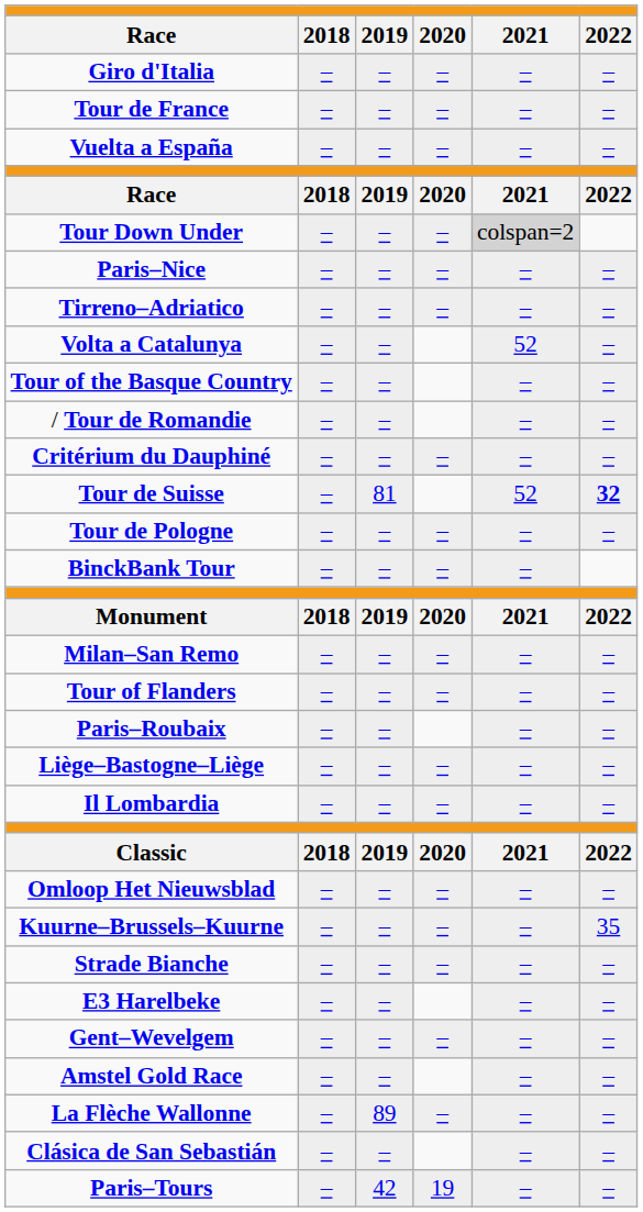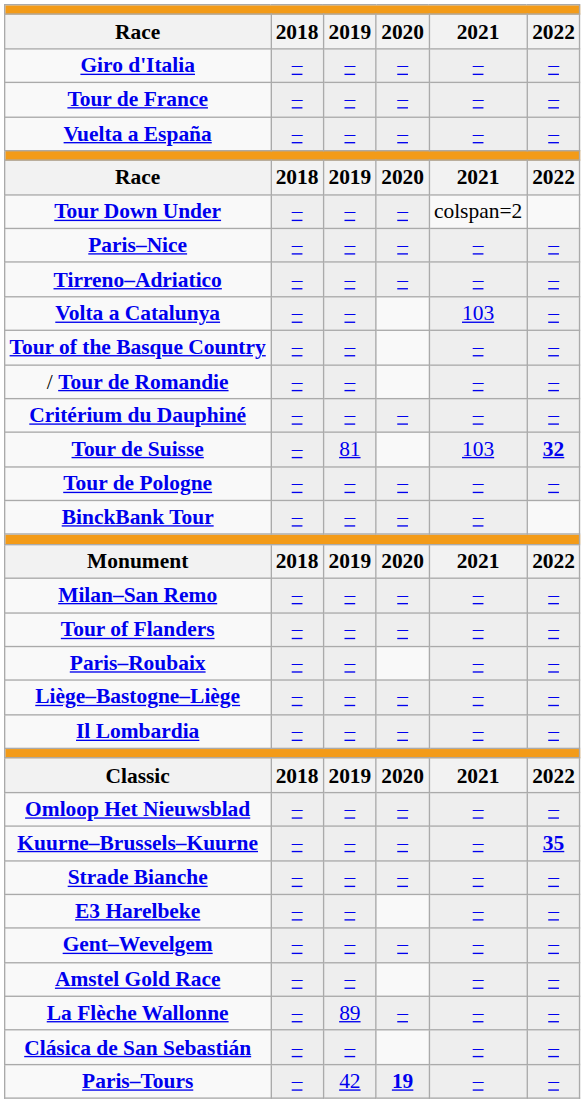 <table class="wikitable">
 <tr>
 <td style="background:#f39b18;" colspan=30><strong></strong></td>
 </tr>
 <tr>
 <th>Race</th>
 <th>2018</th>
 <th>2019</th>
 <th>2020</th>
 <th>2021</th>
 <th>2022</th>
 </tr>
 <tr align="center">
 <td> <strong><a href='#'>Giro d'Italia</a></strong></td>
 <td style="background:#eee;"><a href='#'>–</a></td>
 <td style="background:#eee;"><a href='#'>–</a></td>
 <td style="background:#eee;"><a href='#'>–</a></td>
 <td style="background:#eee;"><a href='#'>–</a></td>
 <td style="background:#eee;"><a href='#'>–</a></td>
 </tr>
 <tr align="center">
 <td> <strong><a href='#'>Tour de France</a></strong></td>
 <td style="background:#eee;"><a href='#'>–</a></td>
 <td style="background:#eee;"><a href='#'>–</a></td>
 <td style="background:#eee;"><a href='#'>–</a></td>
 <td style="background:#eee;"><a href='#'>–</a></td>
 <td style="background:#eee;"><a href='#'>–</a></td>
 </tr>
 <tr align="center">
 <td> <strong><a href='#'>Vuelta a España</a></strong></td>
 <td style="background:#eee;"><a href='#'>–</a></td>
 <td style="background:#eee;"><a href='#'>–</a></td>
 <td style="background:#eee;"><a href='#'>–</a></td>
 <td style="background:#eee;"><a href='#'>–</a></td>
 <td style="background:#eee;"><a href='#'>–</a></td>
 </tr>
 <tr>
 <td style="background:#f39b18;" colspan=30><strong></strong></td>
 </tr>
 <tr>
 <th>Race</th>
 <th>2018</th>
 <th>2019</th>
 <th>2020</th>
 <th>2021</th>
 <th>2022</th>
 </tr>
 <tr align="center">
 <td> <strong><a href='#'>Tour Down Under</a></strong></td>
 <td style="background:#eee;"><a href='#'>–</a></td>
 <td style="background:#eee;"><a href='#'>–</a></td>
 <td style="background:#eee;"><a href='#'>–</a></td>
-<td style="background: lightgrey;">colspan=2 </td>
+<td>colspan=2 </td>
 </tr>
 <tr align="center">
 <td> <strong><a href='#'>Paris–Nice</a></strong></td>
 <td style="background:#eee;"><a href='#'>–</a></td>
 <td style="background:#eee;"><a href='#'>–</a></td>
 <td style="background:#eee;"><a href='#'>–</a></td>
 <td style="background:#eee;"><a href='#'>–</a></td>
 <td style="background:#eee;"><a href='#'>–</a></td>
 </tr>
 <tr align="center">
 <td> <strong><a href='#'>Tirreno–Adriatico</a></strong></td>
 <td style="background:#eee;"><a href='#'>–</a></td>
 <td style="background:#eee;"><a href='#'>–</a></td>
 <td style="background:#eee;"><a href='#'>–</a></td>
 <td style="background:#eee;"><a href='#'>–</a></td>
 <td style="background:#eee;"><a href='#'>–</a></td>
 </tr>
 <tr align="center">
 <td><strong><a href='#'>Volta a Catalunya</a></strong></td>
 <td style="background:#eee;"><a href='#'>–</a></td>
 <td style="background:#eee;"><a href='#'>–</a></td>
 <td></td>
-<td style="background:#eee;"><a href='#'>52</a></td>
+<td style="background:#eee;"><a href='#'>103</a></td>
 <td style="background:#eee;"><a href='#'>–</a></td>
 </tr>
 <tr align="center">
 <td> <strong><a href='#'>Tour of the Basque Country</a></strong></td>
 <td style="background:#eee;"><a href='#'>–</a></td>
 <td style="background:#eee;"><a href='#'>–</a></td>
 <td></td>
 <td style="background:#eee;"><a href='#'>–</a></td>
 <td style="background:#eee;"><a href='#'>–</a></td>
 </tr>
 <tr align="center">
 <td>/ <strong><a href='#'>Tour de Romandie</a></strong></td>
 <td style="background:#eee;"><a href='#'>–</a></td>
 <td style="background:#eee;"><a href='#'>–</a></td>
 <td></td>
 <td style="background:#eee;"><a href='#'>–</a></td>
 <td style="background:#eee;"><a href='#'>–</a></td>
 </tr>
 <tr align="center">
 <td> <strong><a href='#'>Critérium du Dauphiné</a></strong></td>
 <td style="background:#eee;"><a href='#'>–</a></td>
 <td style="background:#eee;"><a href='#'>–</a></td>
 <td style="background:#eee;"><a href='#'>–</a></td>
 <td style="background:#eee;"><a href='#'>–</a></td>
 <td style="background:#eee;"><a href='#'>–</a></td>
 </tr>
 <tr align="center">
 <td> <strong><a href='#'>Tour de Suisse</a></strong></td>
 <td style="background:#eee;"><a href='#'>–</a></td>
 <td style="background:#eee;"><a href='#'>81</a></td>
 <td></td>
-<td style="background:#eee;"><a href='#'>52</a></td>
+<td style="background:#eee;"><a href='#'>103</a></td>
 <td style="background:#eee;"><strong><a href='#'>32</a></strong></td>
 </tr>
 <tr align="center">
 <td> <strong><a href='#'>Tour de Pologne</a></strong></td>
 <td style="background:#eee;"><a href='#'>–</a></td>
 <td style="background:#eee;"><a href='#'>–</a></td>
 <td style="background:#eee;"><a href='#'>–</a></td>
 <td style="background:#eee;"><a href='#'>–</a></td>
 <td style="background:#eee;"><a href='#'>–</a></td>
 </tr>
 <tr align="center">
 <td> <strong><a href='#'>BinckBank Tour</a></strong></td>
 <td style="background:#eee;"><a href='#'>–</a></td>
 <td style="background:#eee;"><a href='#'>–</a></td>
 <td style="background:#eee;"><a href='#'>–</a></td>
 <td style="background:#eee;"><a href='#'>–</a></td>
 <td></td>
 </tr>
 <tr>
 <td style="background:#f39b18;" colspan=30><strong></strong></td>
 </tr>
 <tr>
 <th>Monument</th>
 <th>2018</th>
 <th>2019</th>
 <th>2020</th>
 <th>2021</th>
 <th>2022</th>
 </tr>
 <tr align="center">
 <td><strong><a href='#'>Milan–San Remo</a></strong></td>
 <td style="background:#eee;"><a href='#'>–</a></td>
 <td style="background:#eee;"><a href='#'>–</a></td>
 <td style="background:#eee;"><a href='#'>–</a></td>
 <td style="background:#eee;"><a href='#'>–</a></td>
 <td style="background:#eee;"><a href='#'>–</a></td>
 </tr>
 <tr align="center">
 <td><strong><a href='#'>Tour of Flanders</a></strong></td>
 <td style="background:#eee;"><a href='#'>–</a></td>
 <td style="background:#eee;"><a href='#'>–</a></td>
 <td style="background:#eee;"><a href='#'>–</a></td>
 <td style="background:#eee;"><a href='#'>–</a></td>
 <td style="background:#eee;"><a href='#'>–</a></td>
 </tr>
 <tr align="center">
 <td><strong><a href='#'>Paris–Roubaix</a></strong></td>
 <td style="background:#eee;"><a href='#'>–</a></td>
 <td style="background:#eee;"><a href='#'>–</a></td>
 <td></td>
 <td style="background:#eee;"><a href='#'>–</a></td>
 <td style="background:#eee;"><a href='#'>–</a></td>
 </tr>
 <tr align="center">
 <td><strong><a href='#'>Liège–Bastogne–Liège</a></strong></td>
 <td style="background:#eee;"><a href='#'>–</a></td>
 <td style="background:#eee;"><a href='#'>–</a></td>
 <td style="background:#eee;"><a href='#'>–</a></td>
 <td style="background:#eee;"><a href='#'>–</a></td>
 <td style="background:#eee;"><a href='#'>–</a></td>
 </tr>
 <tr align="center">
 <td><strong><a href='#'>Il Lombardia</a></strong></td>
 <td style="background:#eee;"><a href='#'>–</a></td>
 <td style="background:#eee;"><a href='#'>–</a></td>
 <td style="background:#eee;"><a href='#'>–</a></td>
 <td style="background:#eee;"><a href='#'>–</a></td>
 <td style="background:#eee;"><a href='#'>–</a></td>
 </tr>
 <tr>
 <td style="background:#f39b18;" colspan=30><strong></strong></td>
 </tr>
 <tr>
 <th>Classic</th>
 <th>2018</th>
 <th>2019</th>
 <th>2020</th>
 <th>2021</th>
 <th>2022</th>
 </tr>
 <tr align="center">
 <td><strong><a href='#'>Omloop Het Nieuwsblad</a></strong></td>
 <td style="background:#eee;"><a href='#'>–</a></td>
 <td style="background:#eee;"><a href='#'>–</a></td>
 <td style="background:#eee;"><a href='#'>–</a></td>
 <td style="background:#eee;"><a href='#'>–</a></td>
 <td style="background:#eee;"><a href='#'>–</a></td>
 </tr>
 <tr align="center">
 <td><strong><a href='#'>Kuurne–Brussels–Kuurne</a></strong></td>
 <td style="background:#eee;"><a href='#'>–</a></td>
 <td style="background:#eee;"><a href='#'>–</a></td>
 <td style="background:#eee;"><a href='#'>–</a></td>
 <td style="background:#eee;"><a href='#'>–</a></td>
-<td style="background:#eee;"><a href='#'>35</a></td>
+<td style="background:#eee;"><strong><a href='#'>35</a></strong></td>
 </tr>
 <tr align="center">
 <td><strong><a href='#'>Strade Bianche</a></strong></td>
 <td style="background:#eee;"><a href='#'>–</a></td>
 <td style="background:#eee;"><a href='#'>–</a></td>
 <td style="background:#eee;"><a href='#'>–</a></td>
 <td style="background:#eee;"><a href='#'>–</a></td>
 <td style="background:#eee;"><a href='#'>–</a></td>
 </tr>
 <tr align="center">
 <td><strong><a href='#'>E3 Harelbeke</a></strong></td>
 <td style="background:#eee;"><a href='#'>–</a></td>
 <td style="background:#eee;"><a href='#'>–</a></td>
 <td></td>
 <td style="background:#eee;"><a href='#'>–</a></td>
 <td style="background:#eee;"><a href='#'>–</a></td>
 </tr>
 <tr align="center">
 <td><strong><a href='#'>Gent–Wevelgem</a></strong></td>
 <td style="background:#eee;"><a href='#'>–</a></td>
 <td style="background:#eee;"><a href='#'>–</a></td>
 <td style="background:#eee;"><a href='#'>–</a></td>
 <td style="background:#eee;"><a href='#'>–</a></td>
 <td style="background:#eee;"><a href='#'>–</a></td>
 </tr>
 <tr align="center">
 <td><strong><a href='#'>Amstel Gold Race</a></strong></td>
 <td style="background:#eee;"><a href='#'>–</a></td>
 <td style="background:#eee;"><a href='#'>–</a></td>
 <td></td>
 <td style="background:#eee;"><a href='#'>–</a></td>
 <td style="background:#eee;"><a href='#'>–</a></td>
 </tr>
 <tr align="center">
 <td><strong><a href='#'>La Flèche Wallonne</a></strong></td>
 <td style="background:#eee;"><a href='#'>–</a></td>
 <td style="background:#eee;"><a href='#'>89</a></td>
 <td style="background:#eee;"><a href='#'>–</a></td>
 <td style="background:#eee;"><a href='#'>–</a></td>
 <td style="background:#eee;"><a href='#'>–</a></td>
 </tr>
 <tr align="center">
 <td><strong><a href='#'>Clásica de San Sebastián</a></strong></td>
 <td style="background:#eee;"><a href='#'>–</a></td>
 <td style="background:#eee;"><a href='#'>–</a></td>
 <td></td>
 <td style="background:#eee;"><a href='#'>–</a></td>
 <td style="background:#eee;"><a href='#'>–</a></td>
 </tr>
 <tr align="center">
 <td><strong><a href='#'>Paris–Tours</a></strong></td>
 <td style="background:#eee;"><a href='#'>–</a></td>
 <td style="background:#eee;"><a href='#'>42</a></td>
-<td style="background:#eee;"><a href='#'>19</a></td>
+<td style="background:#eee;"><strong><a href='#'>19</a></strong></td>
 <td style="background:#eee;"><a href='#'>–</a></td>
 <td style="background:#eee;"><a href='#'>–</a></td>
 </tr>
 </table>
